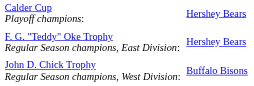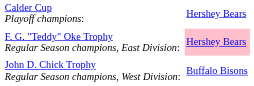 <table cellpadding="3" cellspacing="3">
 <tr>
 <td><a href='#'>Calder Cup</a><br><em>Playoff champions</em>:</td>
 <td><a href='#'>Hershey Bears</a></td>
 </tr>
 <tr>
 <td><a href='#'>F. G. "Teddy" Oke Trophy</a><br><em>Regular Season champions, East Division</em>:</td>
-<td><a href='#'>Hershey Bears</a></td>
+<td style="background: pink;"><a href='#'>Hershey Bears</a></td>
 </tr>
 <tr>
 <td><a href='#'>John D. Chick Trophy</a><br><em>Regular Season champions, West Division</em>:</td>
 <td><a href='#'>Buffalo Bisons</a></td>
 </tr>
 </table>
